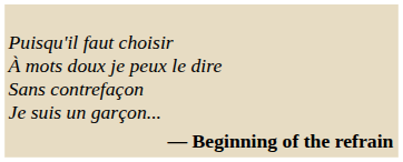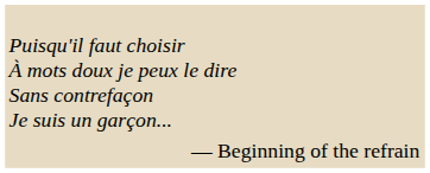 <table class="toccolours" style="float: left; margin-left: 1em; margin-right: 2em; font-size: 85%; background:#e7dcc3; color:black; width:20em; max-width: 18%;" cellspacing="2">
 <tr>
 <td style="text-align: left;"><br><em>Puisqu'il faut choisir</em><br> <em>À mots doux je peux le dire</em><br> <em>Sans contrefaçon</em><br> <em>Je suis un garçon...</em><br></td>
 </tr>
 <tr>
-<td style="text-align: right;"><strong>— Beginning of the refrain</strong></td>
+<td style="text-align: right;">— Beginning of the refrain</td>
 </tr>
 </table>
